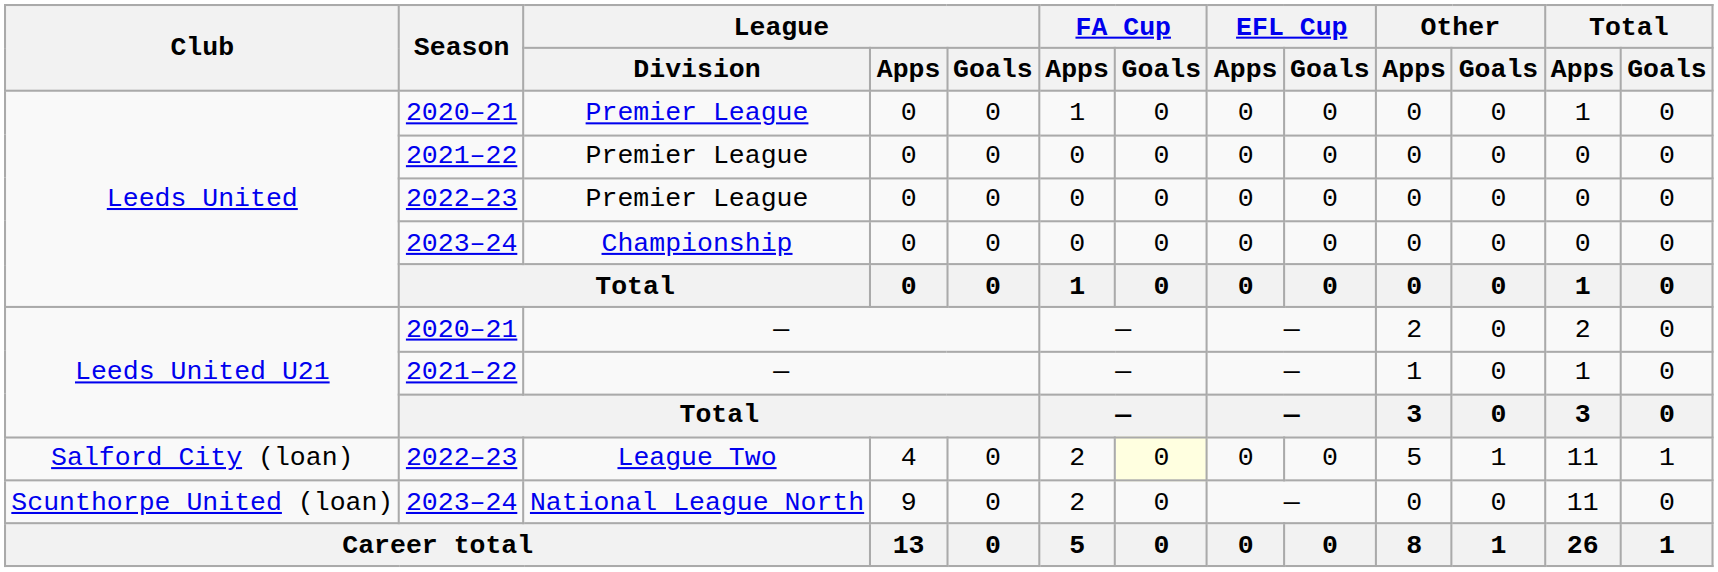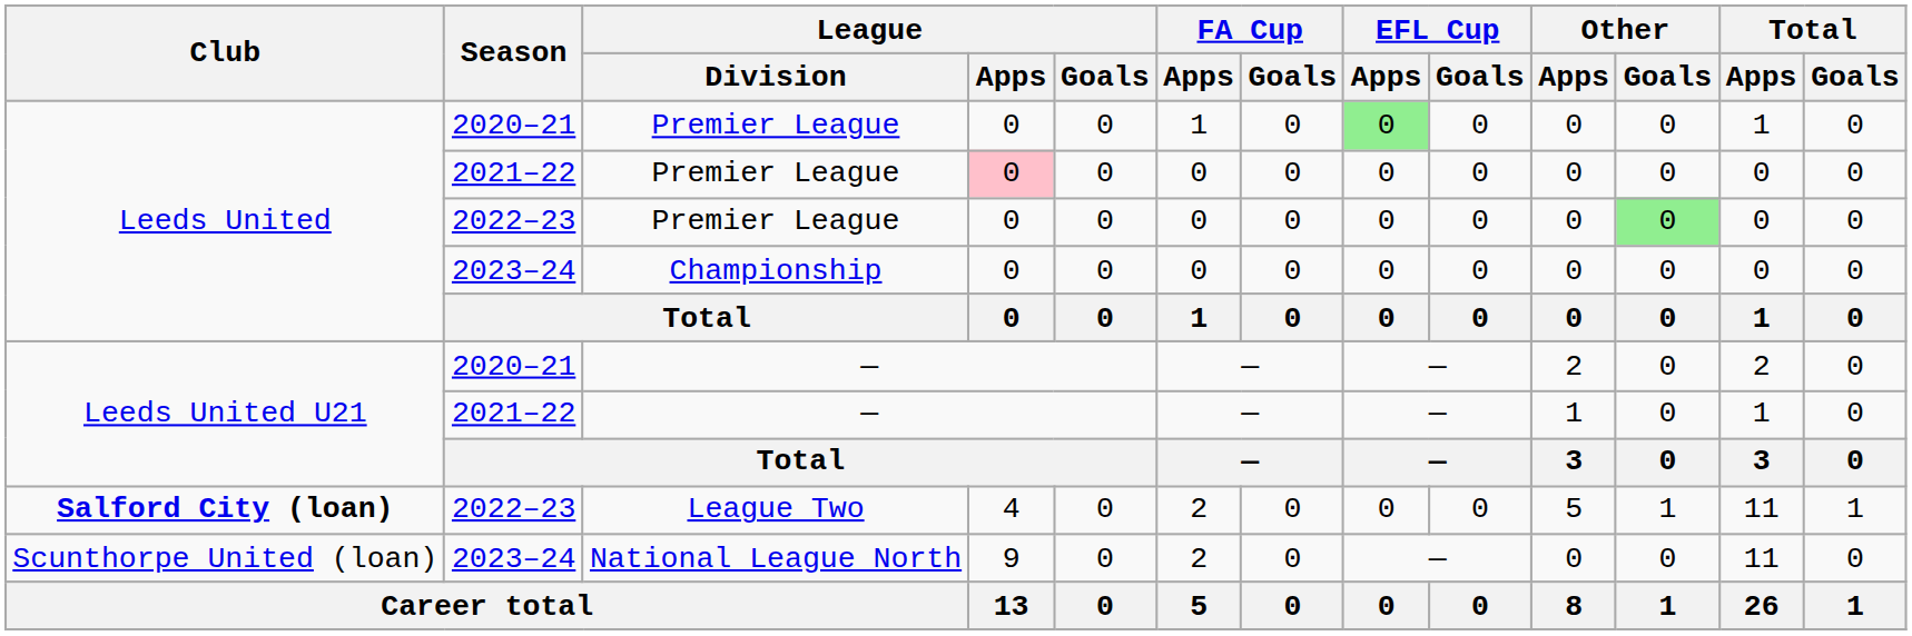 <table class="wikitable" style="text-align: center">
 <tr>
 <th rowspan="2">Club</th>
 <th rowspan="2">Season</th>
 <th colspan="3">League</th>
 <th colspan="2"><a href='#'>FA Cup</a></th>
 <th colspan="2"><a href='#'>EFL Cup</a></th>
 <th colspan="2">Other</th>
 <th colspan="2">Total</th>
 </tr>
 <tr>
 <th>Division</th>
 <th>Apps</th>
 <th>Goals</th>
 <th>Apps</th>
 <th>Goals</th>
 <th>Apps</th>
 <th>Goals</th>
 <th>Apps</th>
 <th>Goals</th>
 <th>Apps</th>
 <th>Goals</th>
 </tr>
 <tr>
 <td rowspan="5"><a href='#'>Leeds United</a></td>
 <td><a href='#'>2020–21</a></td>
 <td><a href='#'>Premier League</a></td>
 <td>0</td>
 <td>0</td>
 <td>1</td>
 <td>0</td>
-<td>0</td>
+<td style="background: lightgreen;">0</td>
 <td>0</td>
 <td>0</td>
 <td>0</td>
 <td>1</td>
 <td>0</td>
 </tr>
 <tr>
 <td><a href='#'>2021–22</a></td>
 <td>Premier League</td>
-<td>0</td>
+<td style="background: pink;">0</td>
 <td>0</td>
 <td>0</td>
 <td>0</td>
 <td>0</td>
 <td>0</td>
 <td>0</td>
 <td>0</td>
 <td>0</td>
 <td>0</td>
 </tr>
 <tr>
 <td><a href='#'>2022–23</a></td>
 <td>Premier League</td>
 <td>0</td>
 <td>0</td>
 <td>0</td>
 <td>0</td>
 <td>0</td>
 <td>0</td>
 <td>0</td>
-<td>0</td>
+<td style="background: lightgreen;">0</td>
 <td>0</td>
 <td>0</td>
 </tr>
 <tr>
 <td><a href='#'>2023–24</a></td>
 <td><a href='#'>Championship</a></td>
 <td>0</td>
 <td>0</td>
 <td>0</td>
 <td>0</td>
 <td>0</td>
 <td>0</td>
 <td>0</td>
 <td>0</td>
 <td>0</td>
 <td>0</td>
 </tr>
 <tr>
 <th colspan="2">Total</th>
 <th>0</th>
 <th>0</th>
 <th>1</th>
 <th>0</th>
 <th>0</th>
 <th>0</th>
 <th>0</th>
 <th>0</th>
 <th>1</th>
 <th>0</th>
 </tr>
 <tr>
 <td rowspan="3"><a href='#'>Leeds United U21</a></td>
 <td><a href='#'>2020–21</a></td>
 <td colspan="3">—</td>
 <td colspan="2">—</td>
 <td colspan="2">—</td>
 <td>2</td>
 <td>0</td>
 <td>2</td>
 <td>0</td>
 </tr>
 <tr>
 <td><a href='#'>2021–22</a></td>
 <td colspan="3">—</td>
 <td colspan="2">—</td>
 <td colspan="2">—</td>
 <td>1</td>
 <td>0</td>
 <td>1</td>
 <td>0</td>
 </tr>
 <tr>
 <th colspan="4">Total</th>
 <th colspan="2">—</th>
 <th colspan="2">—</th>
 <th>3</th>
 <th>0</th>
 <th>3</th>
 <th>0</th>
 </tr>
 <tr>
-<td><a href='#'>Salford City</a> (loan)</td>
+<td><strong><a href='#'>Salford City</a> (loan)</strong></td>
 <td><a href='#'>2022–23</a></td>
 <td><a href='#'>League Two</a></td>
 <td>4</td>
 <td>0</td>
 <td>2</td>
-<td style="background: lightyellow;">0</td>
+<td>0</td>
 <td>0</td>
 <td>0</td>
 <td>5</td>
 <td>1</td>
 <td>11</td>
 <td>1</td>
 </tr>
 <tr>
 <td><a href='#'>Scunthorpe United</a> (loan)</td>
 <td><a href='#'>2023–24</a></td>
 <td><a href='#'>National League North</a></td>
 <td>9</td>
 <td>0</td>
 <td>2</td>
 <td>0</td>
 <td colspan="2">—</td>
 <td>0</td>
 <td>0</td>
 <td>11</td>
 <td>0</td>
 </tr>
 <tr>
 <th colspan="3">Career total</th>
 <th>13</th>
 <th>0</th>
 <th>5</th>
 <th>0</th>
 <th>0</th>
 <th>0</th>
 <th>8</th>
 <th>1</th>
 <th>26</th>
 <th>1</th>
 </tr>
 </table>
